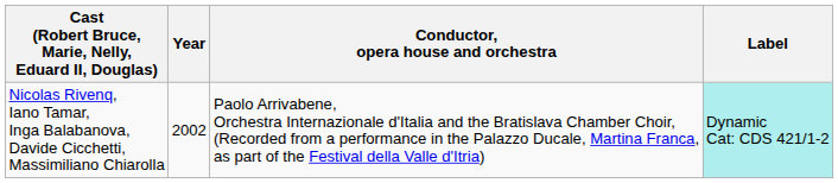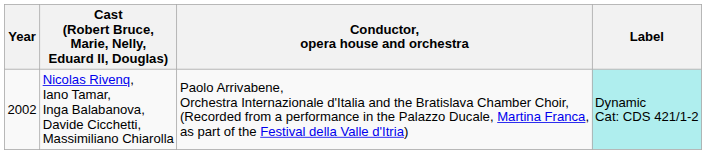 <table class="wikitable">
 <tr>
+<th>Year</th>
 <th>Cast <br>(Robert Bruce,<br>Marie, Nelly,<br>Eduard II, Douglas)</th>
-<th>Year</th>
 <th>Conductor,<br>opera house and orchestra</th>
 <th>Label</th>
 </tr>
 <tr>
+<td>2002</td>
 <td><a href='#'>Nicolas Rivenq</a>,<br>Iano Tamar,<br>Inga Balabanova,<br>Davide Cicchetti,<br>Massimiliano Chiarolla</td>
-<td>2002</td>
 <td>Paolo Arrivabene,<br>Orchestra Internazionale d'Italia and the Bratislava Chamber Choir,<br>(Recorded from a performance in the Palazzo Ducale, <a href='#'>Martina Franca</a>,<br>as part of the <a href='#'>Festival della Valle d'Itria</a>)</td>
 <td style="background: paleturquoise;">Dynamic<br>Cat: CDS 421/1-2</td>
 </tr>
 </table>
